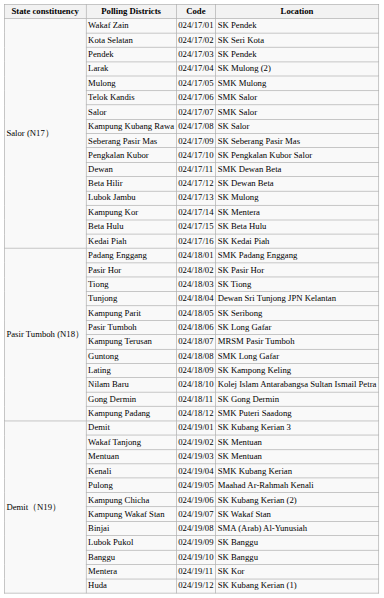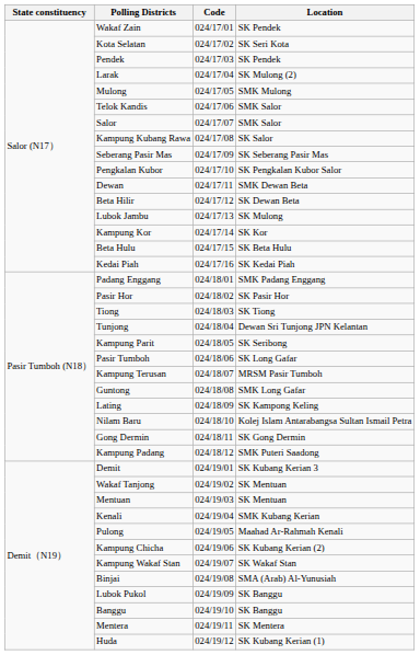 <table class="wikitable sortable mw-collapsible" style="white-space:nowrap;font-size:85%">
 <tr>
 <th>State constituency</th>
 <th>Polling Districts</th>
 <th>Code</th>
 <th>Location</th>
 </tr>
 <tr>
 <td rowspan="16">Salor (N17）</td>
 <td>Wakaf Zain</td>
 <td>024/17/01</td>
 <td>SK Pendek</td>
 </tr>
 <tr>
 <td>Kota Selatan</td>
 <td>024/17/02</td>
 <td>SK Seri Kota</td>
 </tr>
 <tr>
 <td>Pendek</td>
 <td>024/17/03</td>
 <td>SK Pendek</td>
 </tr>
 <tr>
 <td>Larak</td>
 <td>024/17/04</td>
 <td>SK Mulong (2)</td>
 </tr>
 <tr>
 <td>Mulong</td>
 <td>024/17/05</td>
 <td>SMK Mulong</td>
 </tr>
 <tr>
 <td>Telok Kandis</td>
 <td>024/17/06</td>
 <td>SMK Salor</td>
 </tr>
 <tr>
 <td>Salor</td>
 <td>024/17/07</td>
 <td>SMK Salor</td>
 </tr>
 <tr>
 <td>Kampung Kubang Rawa</td>
 <td>024/17/08</td>
 <td>SK Salor</td>
 </tr>
 <tr>
 <td>Seberang Pasir Mas</td>
 <td>024/17/09</td>
 <td>SK Seberang Pasir Mas</td>
 </tr>
 <tr>
 <td>Pengkalan Kubor</td>
 <td>024/17/10</td>
 <td>SK Pengkalan Kubor Salor</td>
 </tr>
 <tr>
 <td>Dewan</td>
 <td>024/17/11</td>
 <td>SMK Dewan Beta</td>
 </tr>
 <tr>
 <td>Beta Hilir</td>
 <td>024/17/12</td>
 <td>SK Dewan Beta</td>
 </tr>
 <tr>
 <td>Lubok Jambu</td>
 <td>024/17/13</td>
 <td>SK Mulong</td>
 </tr>
 <tr>
 <td>Kampung Kor</td>
 <td>024/17/14</td>
-<td>SK Mentera</td>
+<td>SK Kor</td>
 </tr>
 <tr>
 <td>Beta Hulu</td>
 <td>024/17/15</td>
 <td>SK Beta Hulu</td>
 </tr>
 <tr>
 <td>Kedai Piah</td>
 <td>024/17/16</td>
 <td>SK Kedai Piah</td>
 </tr>
 <tr>
 <td rowspan="12">Pasir Tumboh (N18）</td>
 <td>Padang Enggang</td>
 <td>024/18/01</td>
 <td>SMK Padang Enggang</td>
 </tr>
 <tr>
 <td>Pasir Hor</td>
 <td>024/18/02</td>
 <td>SK Pasir Hor</td>
 </tr>
 <tr>
 <td>Tiong</td>
 <td>024/18/03</td>
 <td>SK Tiong</td>
 </tr>
 <tr>
 <td>Tunjong</td>
 <td>024/18/04</td>
 <td>Dewan Sri Tunjong JPN Kelantan</td>
 </tr>
 <tr>
 <td>Kampung Parit</td>
 <td>024/18/05</td>
 <td>SK Seribong</td>
 </tr>
 <tr>
 <td>Pasir Tumboh</td>
 <td>024/18/06</td>
 <td>SK Long Gafar</td>
 </tr>
 <tr>
 <td>Kampung Terusan</td>
 <td>024/18/07</td>
 <td>MRSM Pasir Tumboh</td>
 </tr>
 <tr>
 <td>Guntong</td>
 <td>024/18/08</td>
 <td>SMK Long Gafar</td>
 </tr>
 <tr>
 <td>Lating</td>
 <td>024/18/09</td>
 <td>SK Kampong Keling</td>
 </tr>
 <tr>
 <td>Nilam Baru</td>
 <td>024/18/10</td>
 <td>Kolej Islam Antarabangsa Sultan Ismail Petra</td>
 </tr>
 <tr>
 <td>Gong Dermin</td>
 <td>024/18/11</td>
 <td>SK Gong Dermin</td>
 </tr>
 <tr>
 <td>Kampung Padang</td>
 <td>024/18/12</td>
 <td>SMK Puteri Saadong</td>
 </tr>
 <tr>
 <td rowspan="12">Demit（N19）</td>
 <td>Demit</td>
 <td>024/19/01</td>
 <td>SK Kubang Kerian 3</td>
 </tr>
 <tr>
 <td>Wakaf Tanjong</td>
 <td>024/19/02</td>
 <td>SK Mentuan</td>
 </tr>
 <tr>
 <td>Mentuan</td>
 <td>024/19/03</td>
 <td>SK Mentuan</td>
 </tr>
 <tr>
 <td>Kenali</td>
 <td>024/19/04</td>
 <td>SMK Kubang Kerian</td>
 </tr>
 <tr>
 <td>Pulong</td>
 <td>024/19/05</td>
 <td>Maahad Ar-Rahmah Kenali</td>
 </tr>
 <tr>
 <td>Kampung Chicha</td>
 <td>024/19/06</td>
 <td>SK Kubang Kerian (2)</td>
 </tr>
 <tr>
 <td>Kampung Wakaf Stan</td>
 <td>024/19/07</td>
 <td>SK Wakaf Stan</td>
 </tr>
 <tr>
 <td>Binjai</td>
 <td>024/19/08</td>
 <td>SMA (Arab) Al-Yunusiah</td>
 </tr>
 <tr>
 <td>Lubok Pukol</td>
 <td>024/19/09</td>
 <td>SK Banggu</td>
 </tr>
 <tr>
 <td>Banggu</td>
 <td>024/19/10</td>
 <td>SK Banggu</td>
 </tr>
 <tr>
 <td>Mentera</td>
 <td>024/19/11</td>
-<td>SK Kor</td>
+<td>SK Mentera</td>
 </tr>
 <tr>
 <td>Huda</td>
 <td>024/19/12</td>
 <td>SK Kubang Kerian (1)</td>
 </tr>
 </table>
